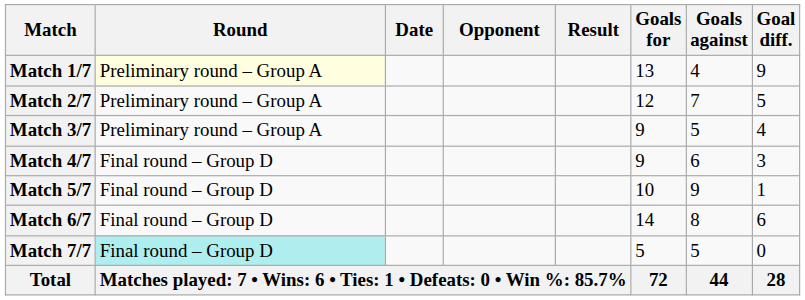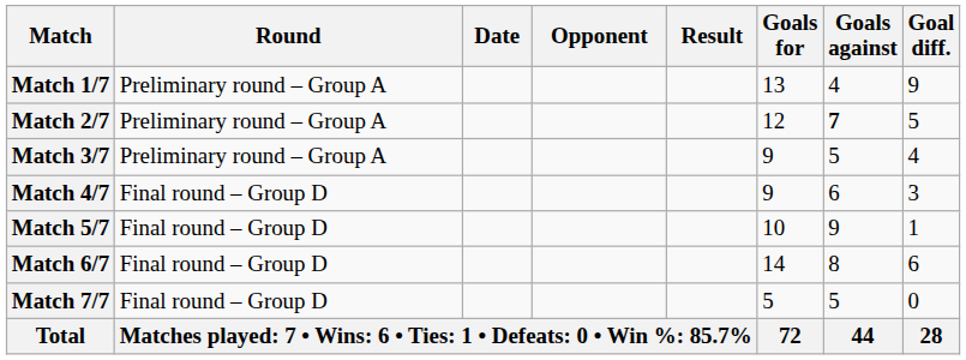 <table class="wikitable sortable sticky-header defaultcenter col3right col4left" style="font-size: 100%; margin-left: 1em;">
 <tr>
 <th scope="col">Match</th>
 <th scope="col">Round</th>
 <th scope="col">Date</th>
 <th scope="col">Opponent</th>
 <th scope="col">Result</th>
 <th scope="col">Goals<br>for</th>
 <th scope="col">Goals<br>against</th>
 <th scope="col">Goal<br>diff.</th>
 </tr>
 <tr>
 <th scope="row">Match 1/7</th>
-<td style="background: lightyellow;">Preliminary round – Group A</td>
+<td>Preliminary round – Group A</td>
 <td></td>
 <td></td>
 <td></td>
 <td>13</td>
 <td>4</td>
 <td>9</td>
 </tr>
 <tr>
 <th scope="row">Match 2/7</th>
 <td>Preliminary round – Group A</td>
 <td></td>
 <td></td>
 <td></td>
 <td>12</td>
-<td>7</td>
+<td><strong>7</strong></td>
 <td>5</td>
 </tr>
 <tr>
 <th scope="row">Match 3/7</th>
 <td>Preliminary round – Group A</td>
 <td></td>
 <td></td>
 <td></td>
 <td>9</td>
 <td>5</td>
 <td>4</td>
 </tr>
 <tr>
 <th scope="row">Match 4/7</th>
 <td>Final round – Group D</td>
 <td></td>
 <td></td>
 <td></td>
 <td>9</td>
 <td>6</td>
 <td>3</td>
 </tr>
 <tr>
 <th scope="row">Match 5/7</th>
 <td>Final round – Group D</td>
 <td></td>
 <td></td>
 <td></td>
 <td>10</td>
 <td>9</td>
 <td>1</td>
 </tr>
 <tr>
 <th scope="row">Match 6/7</th>
 <td>Final round – Group D</td>
 <td></td>
 <td></td>
 <td></td>
 <td>14</td>
 <td>8</td>
 <td>6</td>
 </tr>
 <tr>
 <th scope="row">Match 7/7</th>
-<td style="background: paleturquoise;">Final round – Group D</td>
+<td>Final round – Group D</td>
 <td></td>
 <td></td>
 <td></td>
 <td>5</td>
 <td>5</td>
 <td>0</td>
 </tr>
 <tr class="sortbottom">
 <th>Total</th>
 <th colspan="4">Matches played: 7 • Wins: 6 • Ties: 1 • Defeats: 0 • Win %: 85.7%</th>
 <th>72</th>
 <th>44</th>
 <th>28</th>
 </tr>
 </table>
